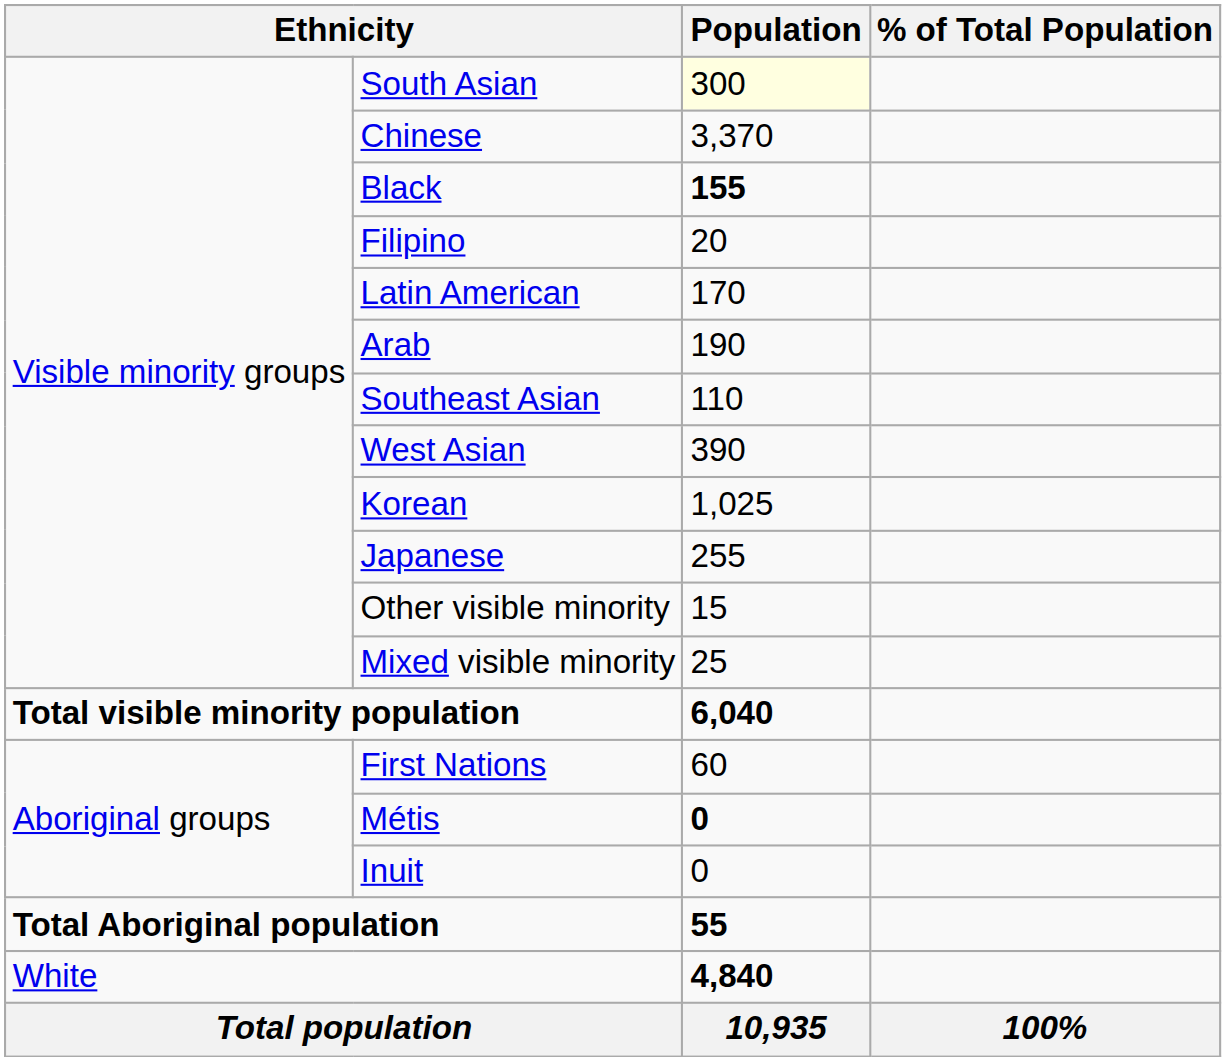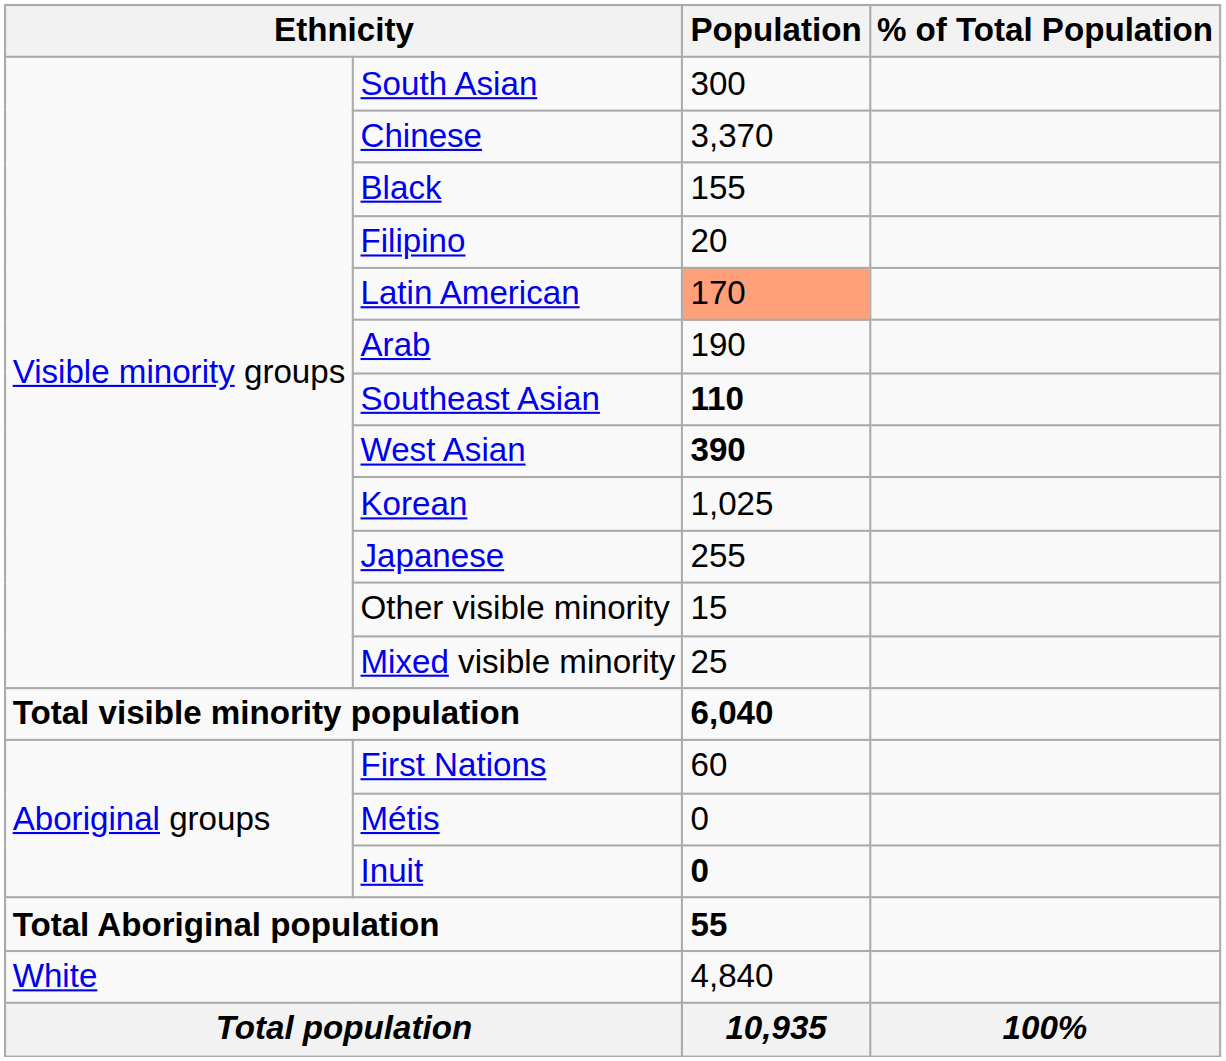 <table class="wikitable">
 <tr>
 <th colspan="2">Ethnicity</th>
 <th>Population</th>
 <th>% of Total Population</th>
 </tr>
 <tr>
 <td rowspan="12"><a href='#'>Visible minority</a> groups</td>
 <td><a href='#'>South Asian</a></td>
-<td style="background: lightyellow;">300</td>
+<td>300</td>
 <td></td>
 </tr>
 <tr>
 <td><a href='#'>Chinese</a></td>
 <td>3,370</td>
 <td></td>
 </tr>
 <tr>
 <td><a href='#'>Black</a></td>
-<td><strong>155</strong></td>
+<td>155</td>
 <td></td>
 </tr>
 <tr>
 <td><a href='#'>Filipino</a></td>
 <td>20</td>
 <td></td>
 </tr>
 <tr>
 <td><a href='#'>Latin American</a></td>
-<td>170</td>
+<td style="background: lightsalmon;">170</td>
 <td></td>
 </tr>
 <tr>
 <td><a href='#'>Arab</a></td>
 <td>190</td>
 <td></td>
 </tr>
 <tr>
 <td><a href='#'>Southeast Asian</a></td>
-<td>110</td>
+<td><strong>110</strong></td>
 <td></td>
 </tr>
 <tr>
 <td><a href='#'>West Asian</a></td>
-<td>390</td>
+<td><strong>390</strong></td>
 <td></td>
 </tr>
 <tr>
 <td><a href='#'>Korean</a></td>
 <td>1,025</td>
 <td></td>
 </tr>
 <tr>
 <td><a href='#'>Japanese</a></td>
 <td>255</td>
 <td></td>
 </tr>
 <tr>
 <td>Other visible minority</td>
 <td>15</td>
 <td></td>
 </tr>
 <tr>
 <td><a href='#'>Mixed</a> visible minority</td>
 <td>25</td>
 <td></td>
 </tr>
 <tr>
 <td colspan="2"><strong>Total visible minority population</strong></td>
 <td><strong>6,040</strong></td>
 <td><strong></strong></td>
 </tr>
 <tr>
 <td rowspan="3"><a href='#'>Aboriginal</a> groups</td>
 <td><a href='#'>First Nations</a></td>
 <td>60</td>
 <td></td>
 </tr>
 <tr>
 <td><a href='#'>Métis</a></td>
-<td><strong>0</strong></td>
+<td>0</td>
 <td></td>
 </tr>
 <tr>
 <td><a href='#'>Inuit</a></td>
-<td>0</td>
+<td><strong>0</strong></td>
 <td></td>
 </tr>
 <tr>
 <td colspan="2"><strong>Total Aboriginal population</strong></td>
 <td><strong>55</strong></td>
 <td><strong></strong></td>
 </tr>
 <tr>
 <td colspan="2"><a href='#'>White</a></td>
-<td><strong>4,840</strong></td>
+<td>4,840</td>
 <td></td>
 </tr>
 <tr>
 <th colspan="2"><strong><em>Total population</em></strong></th>
 <th><strong><em>10,935</em></strong></th>
 <th><strong><em>100%</em></strong></th>
 </tr>
 </table>
